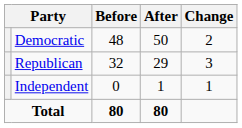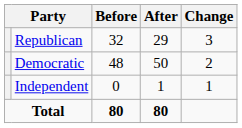 <table class="wikitable" style="text-align:center;">
 <tr>
 <th colspan="2">Party</th>
 <th>Before</th>
 <th>After</th>
 <th>Change</th>
 </tr>
 <tr>
 <th style="background-color:"></th>
+<td style="text-align:left;"><a href='#'>Republican</a></td>
+<td>32</td>
+<td>29</td>
+<td> 3</td>
+</tr>
+<tr>
+<th style="background-color:"></th>
 <td style="text-align:left;"><a href='#'>Democratic</a></td>
 <td>48</td>
 <td>50</td>
 <td> 2</td>
-</tr>
-<tr>
-<th style="background-color:"></th>
-<td style="text-align:left;"><a href='#'>Republican</a></td>
-<td>32</td>
-<td>29</td>
-<td> 3</td>
 </tr>
 <tr>
 <th style="background-color:"></th>
 <td style="text-align:left;"><a href='#'>Independent</a></td>
 <td>0</td>
 <td>1</td>
 <td> 1</td>
 </tr>
 <tr>
 <td colspan="2"><strong>Total</strong></td>
 <td><strong>80</strong></td>
 <td><strong>80</strong></td>
 <td></td>
 </tr>
 </table>
